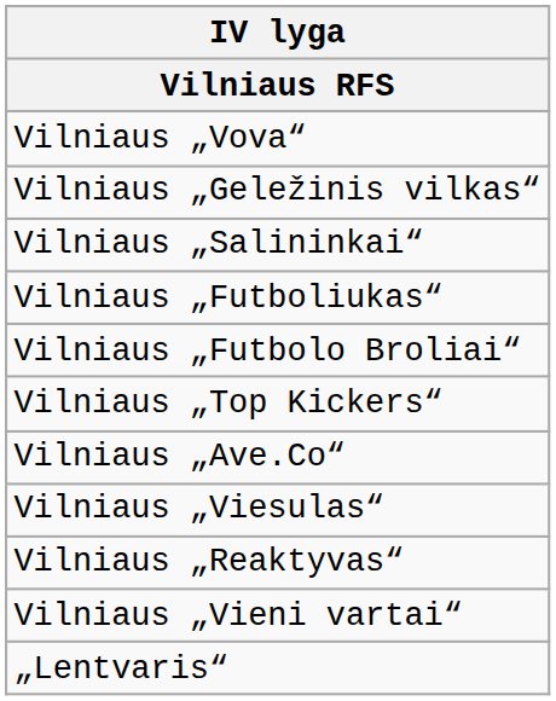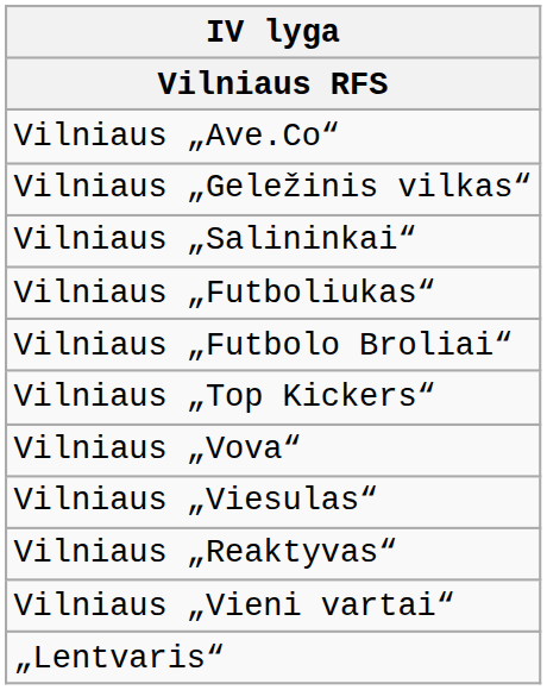 <table class="wikitable">
 <tr>
 <th>IV lyga</th>
 </tr>
 <tr>
 <th>Vilniaus RFS</th>
 </tr>
 <tr>
-<td>Vilniaus „Vova“</td>
+<td>Vilniaus „Ave.Co“</td>
 </tr>
 <tr>
 <td>Vilniaus „Geležinis vilkas“</td>
 </tr>
 <tr>
 <td>Vilniaus „Salininkai“</td>
 </tr>
 <tr>
 <td>Vilniaus „Futboliukas“</td>
 </tr>
 <tr>
 <td>Vilniaus „Futbolo Broliai“</td>
 </tr>
 <tr>
 <td>Vilniaus „Top Kickers“</td>
 </tr>
 <tr>
-<td>Vilniaus „Ave.Co“</td>
+<td>Vilniaus „Vova“</td>
 </tr>
 <tr>
 <td>Vilniaus „Viesulas“</td>
 </tr>
 <tr>
 <td>Vilniaus „Reaktyvas“</td>
 </tr>
 <tr>
 <td>Vilniaus „Vieni vartai“</td>
 </tr>
 <tr>
 <td>„Lentvaris“</td>
 </tr>
 </table>
